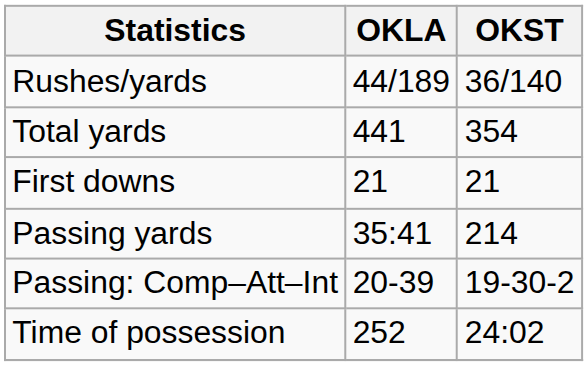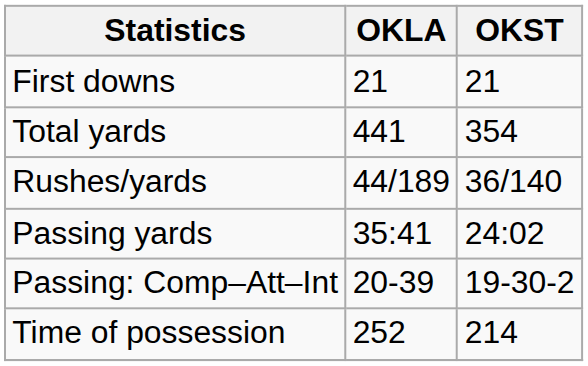 <table class="wikitable" style="float: left;">
 <tr>
 <th>Statistics</th>
 <th>OKLA</th>
 <th>OKST</th>
 </tr>
 <tr>
-<td>Rushes/yards</td>
-<td>44/189</td>
-<td>36/140</td>
+<td>First downs</td>
+<td>21</td>
+<td>21</td>
 </tr>
 <tr>
 <td>Total yards</td>
 <td>441</td>
 <td>354</td>
 </tr>
 <tr>
-<td>First downs</td>
-<td>21</td>
-<td>21</td>
+<td>Rushes/yards</td>
+<td>44/189</td>
+<td>36/140</td>
 </tr>
 <tr>
 <td>Passing yards</td>
 <td>35:41</td>
-<td>214</td>
+<td>24:02</td>
 </tr>
 <tr>
 <td>Passing: Comp–Att–Int</td>
 <td>20-39</td>
 <td>19-30-2</td>
 </tr>
 <tr>
 <td>Time of possession</td>
 <td>252</td>
-<td>24:02</td>
+<td>214</td>
 </tr>
 <tr>
 </tr>
 </table>
